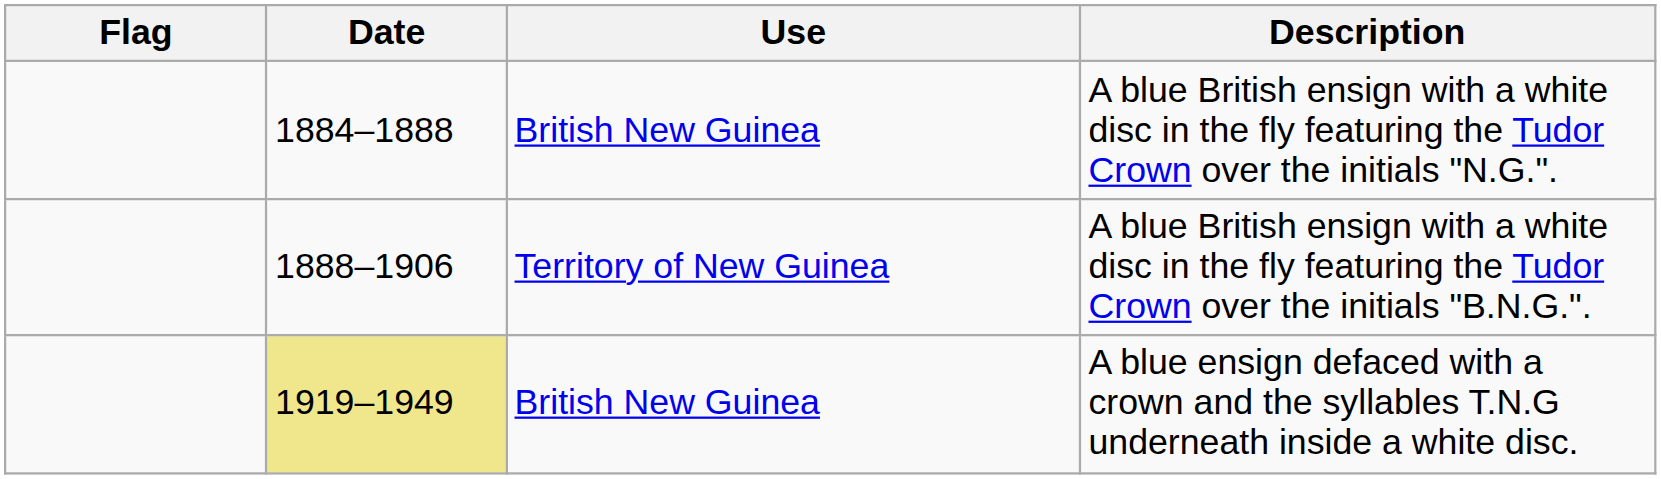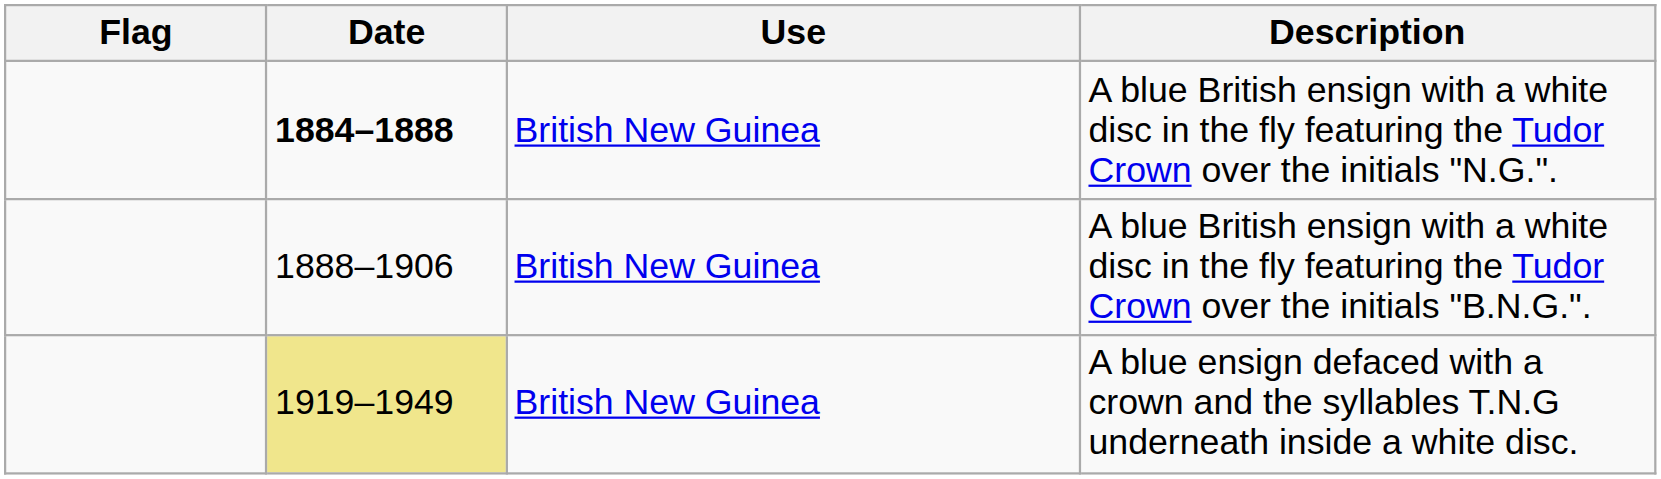 <table class="wikitable">
 <tr>
 <th style="width:110px;">Flag</th>
 <th style="width:100px;">Date</th>
 <th style="width:250px;">Use</th>
 <th style="width:250px;">Description</th>
 </tr>
 <tr>
 <td></td>
-<td>1884–1888</td>
+<td><strong>1884–1888</strong></td>
 <td><a href='#'>British New Guinea</a></td>
 <td>A blue British ensign with a white disc in the fly featuring the <a href='#'>Tudor Crown</a> over the initials "N.G.".</td>
 </tr>
 <tr>
 <td></td>
 <td>1888–1906</td>
-<td><a href='#'>Territory of New Guinea</a></td>
+<td><a href='#'>British New Guinea</a></td>
 <td>A blue British ensign with a white disc in the fly featuring the <a href='#'>Tudor Crown</a> over the initials "B.N.G.".</td>
 </tr>
 <tr>
 <td></td>
 <td style="background: khaki;">1919–1949</td>
 <td><a href='#'>British New Guinea</a></td>
 <td>A blue ensign defaced with a crown and the syllables T.N.G underneath inside a white disc.</td>
 </tr>
 </table>
